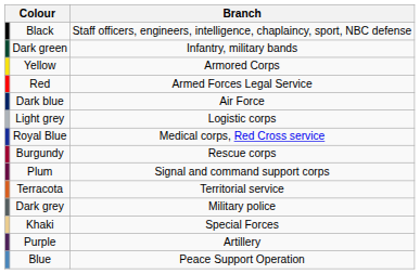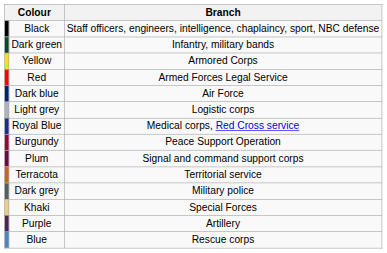 <table class="wikitable" style="text-align:center;">
 <tr>
 <th colspan=2>Colour</th>
 <th>Branch</th>
 </tr>
 <tr>
 <td style="background:black;"></td>
 <td>Black</td>
 <td>Staff officers, engineers, intelligence, chaplaincy, sport, NBC defense</td>
 </tr>
 <tr>
 <td style="background:#064830;"></td>
 <td>Dark green</td>
 <td>Infantry, military bands</td>
 </tr>
 <tr>
 <td style="background:#f7e20f;"></td>
 <td>Yellow</td>
 <td>Armored Corps</td>
 </tr>
 <tr>
 <td style="background:red;"></td>
 <td>Red</td>
 <td>Armed Forces Legal Service</td>
 </tr>
 <tr>
 <td style="background:#002366;"></td>
 <td>Dark blue</td>
 <td>Air Force</td>
 </tr>
 <tr>
 <td style="background:#adb4ba;"></td>
 <td>Light grey</td>
 <td>Logistic corps</td>
 </tr>
 <tr>
 <td style="background:#182d99;"></td>
 <td>Royal Blue</td>
 <td>Medical corps, <a href='#'>Red Cross service</a></td>
 </tr>
 <tr>
 <td style="background:#a00233;"></td>
 <td>Burgundy</td>
-<td>Rescue corps</td>
+<td>Peace Support Operation</td>
 </tr>
 <tr>
 <td style="background:#680c43;"></td>
 <td>Plum</td>
 <td>Signal and command support corps</td>
 </tr>
 <tr>
 <td style="background:#d85e1f;"></td>
 <td>Terracota</td>
 <td>Territorial service</td>
 </tr>
 <tr>
 <td style="background:#555e60;"></td>
 <td>Dark grey</td>
 <td>Military police</td>
 </tr>
 <tr>
 <td style="background:#eacc8f;"></td>
 <td>Khaki</td>
 <td>Special Forces</td>
 </tr>
 <tr>
 <td style="background:#4d2159;"></td>
 <td>Purple</td>
 <td>Artillery</td>
 </tr>
 <tr>
 <td style="background:#4a86bb;"></td>
 <td>Blue</td>
-<td>Peace Support Operation</td>
+<td>Rescue corps</td>
 </tr>
 </table>
